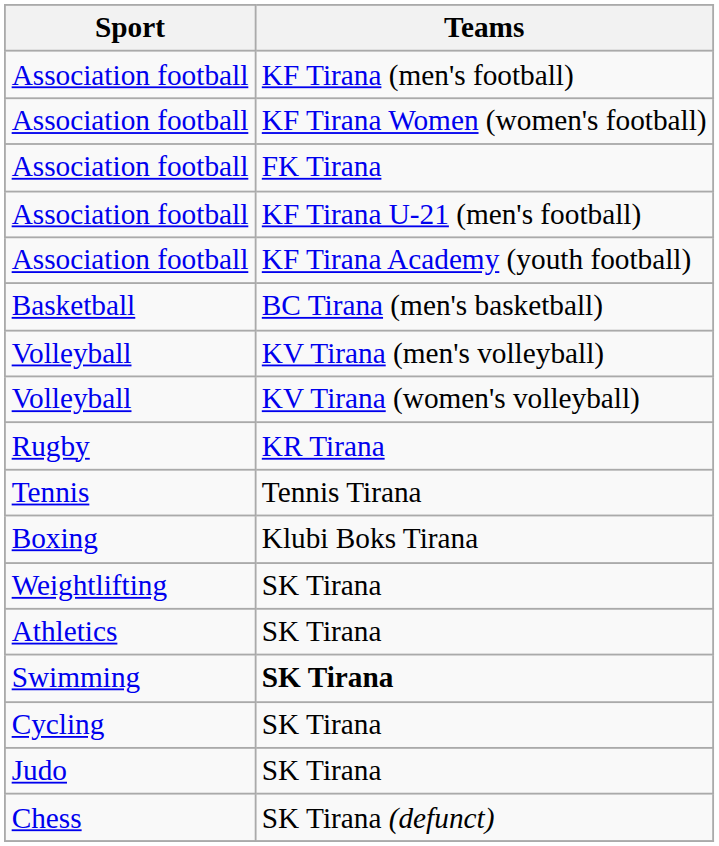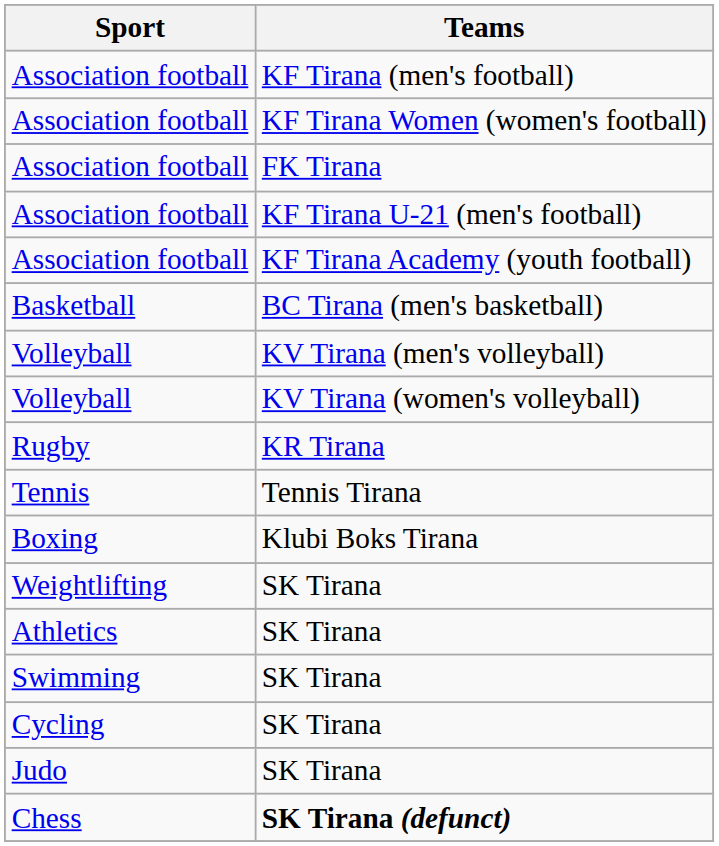 <table class="wikitable">
 <tr>
 <th>Sport</th>
 <th>Teams</th>
 </tr>
 <tr>
 <td><a href='#'>Association football</a></td>
 <td><a href='#'>KF Tirana</a> (men's football)</td>
 </tr>
 <tr>
 <td><a href='#'>Association football</a></td>
 <td><a href='#'>KF Tirana Women</a> (women's football)</td>
 </tr>
 <tr>
 <td><a href='#'>Association football</a></td>
 <td><a href='#'>FK Tirana</a></td>
 </tr>
 <tr>
 <td><a href='#'>Association football</a></td>
 <td><a href='#'>KF Tirana U-21</a> (men's football)</td>
 </tr>
 <tr>
 <td><a href='#'>Association football</a></td>
 <td><a href='#'>KF Tirana Academy</a> (youth football)</td>
 </tr>
 <tr>
 <td><a href='#'>Basketball</a></td>
 <td><a href='#'>BC Tirana</a> (men's basketball)</td>
 </tr>
 <tr>
 <td><a href='#'>Volleyball</a></td>
 <td><a href='#'>KV Tirana</a> (men's volleyball)</td>
 </tr>
 <tr>
 <td><a href='#'>Volleyball</a></td>
 <td><a href='#'>KV Tirana</a> (women's volleyball)</td>
 </tr>
 <tr>
 <td><a href='#'>Rugby</a></td>
 <td><a href='#'>KR Tirana</a></td>
 </tr>
 <tr>
 <td><a href='#'>Tennis</a></td>
 <td>Tennis Tirana</td>
 </tr>
 <tr>
 <td><a href='#'>Boxing</a></td>
 <td>Klubi Boks Tirana</td>
 </tr>
 <tr>
 <td><a href='#'>Weightlifting</a></td>
 <td>SK Tirana</td>
 </tr>
 <tr>
 <td><a href='#'>Athletics</a></td>
 <td>SK Tirana</td>
 </tr>
 <tr>
 <td><a href='#'>Swimming</a></td>
-<td><strong>SK Tirana</strong></td>
+<td>SK Tirana</td>
 </tr>
 <tr>
 <td><a href='#'>Cycling</a></td>
 <td>SK Tirana</td>
 </tr>
 <tr>
 <td><a href='#'>Judo</a></td>
 <td>SK Tirana</td>
 </tr>
 <tr>
 <td><a href='#'>Chess</a></td>
-<td>SK Tirana <em>(defunct)</em></td>
+<td><strong>SK Tirana <em>(defunct)</em></strong></td>
 </tr>
 <tr>
 </tr>
 </table>
